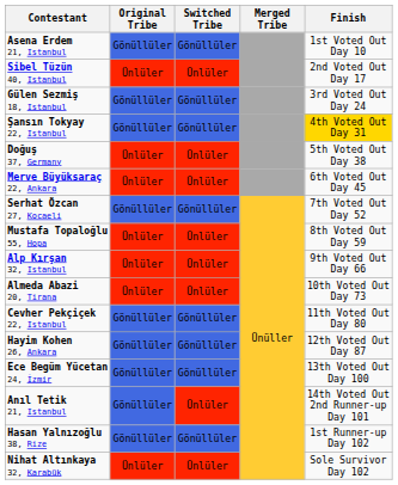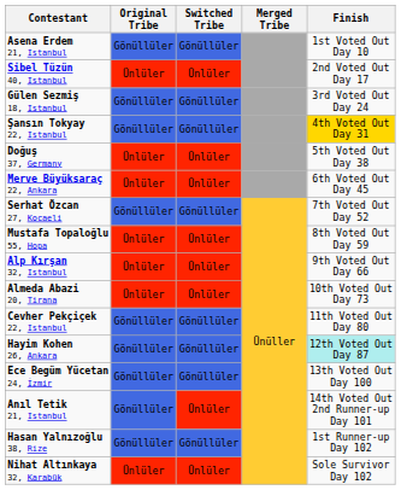 <table class="wikitable sortable mw-collapsible mw-collapsed" style="text-align:center">
 <tr>
 <th>Contestant</th>
 <th width=80>Original Tribe</th>
 <th width=80>Switched Tribe</th>
 <th width=80>Merged Tribe</th>
 <th>Finish</th>
 </tr>
 <tr>
 <td align="left"><strong>Asena Erdem</strong><br><small>21, <a href='#'>Istanbul</a></small></td>
 <td bgcolor="#4169E1" align=center><span>  Gönüllüler</span></td>
 <td bgcolor="#4169E1" align=center><span>  Gönüllüler</span></td>
 <td bgcolor="darkgray"></td>
 <td>1st Voted Out<br>Day 10</td>
 </tr>
 <tr>
 <td align="left"><strong><a href='#'>Sibel Tüzün</a></strong><br><small>40, <a href='#'>Istanbul</a></small></td>
 <td bgcolor="#FF2400" align=center><span>Ünlüler</span></td>
 <td bgcolor="#FF2400" align=center><span>Ünlüler</span></td>
 <td bgcolor="darkgray"></td>
 <td>2nd Voted Out<br>Day 17</td>
 </tr>
 <tr>
 <td align="left"><strong>Gülen Sezmiş</strong><br><small>18, <a href='#'>Istanbul</a></small></td>
 <td bgcolor="#4169E1" align=center><span>Gönüllüler</span></td>
 <td bgcolor="#4169E1" align=center><span>Gönüllüler</span></td>
 <td bgcolor="darkgray"></td>
 <td>3rd Voted Out<br>Day 24</td>
 </tr>
 <tr>
 <td align="left"><strong>Şansın Tokyay</strong><br><small>22, <a href='#'>Istanbul</a></small></td>
 <td bgcolor="#4169E1" align=center><span>Gönüllüler</span></td>
 <td bgcolor="#4169E1" align=center><span>Gönüllüler</span></td>
 <td bgcolor="darkgray"></td>
 <td style="background: gold;">4th Voted Out<br>Day 31</td>
 </tr>
 <tr>
 <td align="left"><strong>Doğuş</strong><br><small>37, <a href='#'>Germany</a></small></td>
 <td bgcolor="#FF2400" align=center><span>Ünlüler</span></td>
 <td bgcolor="#FF2400" align=center><span>Ünlüler</span></td>
 <td bgcolor="darkgray"></td>
 <td>5th Voted Out<br>Day 38</td>
 </tr>
 <tr>
 <td align="left"><strong><a href='#'>Merve Büyüksaraç</a></strong><br><small>22, <a href='#'>Ankara</a></small></td>
 <td bgcolor="#FF2400" align=center><span>Ünlüler</span></td>
 <td bgcolor="#FF2400" align=center><span>Ünlüler</span></td>
 <td bgcolor="darkgray"></td>
 <td>6th Voted Out<br>Day 45</td>
 </tr>
 <tr>
 <td align="left"><strong>Serhat Özcan</strong><br><small>27, <a href='#'>Kocaeli</a></small></td>
 <td bgcolor="#4169E1" align=center><span>Gönüllüler</span></td>
 <td bgcolor="#4169E1" align=center><span>Gönüllüler</span></td>
 <td rowspan="10" bgcolor="#FFCC33">Ünüller</td>
 <td>7th Voted Out<br>Day 52</td>
 </tr>
 <tr>
 <td align="left"><strong>Mustafa Topaloğlu</strong><br><small>55, <a href='#'>Hopa</a></small></td>
 <td bgcolor="#FF2400" align=center><span>Ünlüler</span></td>
 <td bgcolor="#FF2400" align=center><span>Ünlüler</span></td>
 <td>8th Voted Out<br>Day 59</td>
 </tr>
 <tr>
 <td align="left"><strong><a href='#'>Alp Kırşan</a></strong><br><small>32, <a href='#'>Istanbul</a></small></td>
 <td bgcolor="#FF2400" align=center><span>Ünlüler</span></td>
 <td bgcolor="#FF2400" align=center><span>Ünlüler</span></td>
 <td>9th Voted Out<br>Day 66</td>
 </tr>
 <tr>
 <td align="left"><strong>Almeda Abazi</strong><br><small>20, <a href='#'>Tirana</a></small></td>
 <td bgcolor="#FF2400" align=center><span>Ünlüler</span></td>
 <td bgcolor="#FF2400" align=center><span>Ünlüler</span></td>
 <td>10th Voted Out<br>Day 73</td>
 </tr>
 <tr>
 <td align="left"><strong>Cevher Pekçiçek</strong><br><small>22, <a href='#'>Istanbul</a></small></td>
 <td bgcolor="#4169E1" align=center><span>Gönüllüler</span></td>
 <td bgcolor="#4169E1" align=center><span>Gönüllüler</span></td>
 <td>11th Voted Out<br>Day 80</td>
 </tr>
 <tr>
 <td align="left"><strong>Hayim Kohen</strong><br><small>26, <a href='#'>Ankara</a></small></td>
 <td bgcolor="#4169E1" align=center><span>Gönüllüler</span></td>
 <td bgcolor="#4169E1" align=center><span>Gönüllüler</span></td>
-<td>12th Voted Out<br>Day 87</td>
+<td style="background: paleturquoise;">12th Voted Out<br>Day 87</td>
 </tr>
 <tr>
 <td align="left"><strong>Ece Begüm Yücetan </strong><br><small>24, <a href='#'>İzmir</a></small></td>
 <td bgcolor="#4169E1" align=center><span>Gönüllüler</span></td>
 <td bgcolor="#4169E1" align=center><span>Gönüllüler</span></td>
 <td>13th Voted Out<br>Day 100</td>
 </tr>
 <tr>
 <td align="left"><strong>Anıl Tetik</strong><br><small>21, <a href='#'>Istanbul</a></small></td>
 <td bgcolor="#4169E1" align=center><span>Gönüllüler</span></td>
 <td bgcolor="#FF2400" align=center><span>Ünlüler</span></td>
 <td>14th Voted Out<br>2nd Runner-up<br>Day 101</td>
 </tr>
 <tr>
 <td align="left"><strong>Hasan Yalnızoğlu</strong><br><small>38, <a href='#'>Rize</a></small></td>
 <td bgcolor="#4169E1" align=center><span>Gönüllüler</span></td>
 <td bgcolor="#4169E1" align=center><span>Gönüllüler</span></td>
 <td>1st Runner-up<br>Day 102</td>
 </tr>
 <tr>
 <td align="left"><strong>Nihat Altınkaya</strong><br><small>32, <a href='#'>Karabük</a></small></td>
 <td bgcolor="#FF2400" align=center><span>Ünlüler</span></td>
 <td bgcolor="#FF2400" align=center><span>Ünlüler</span></td>
 <td>Sole Survivor<br>Day 102</td>
 </tr>
 </table>
